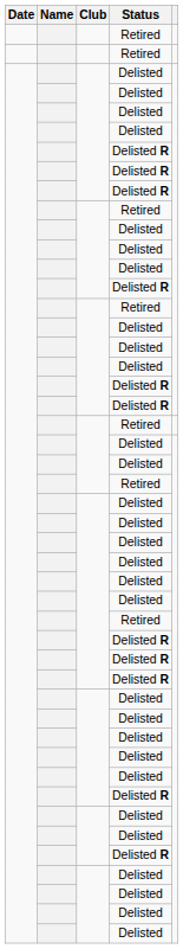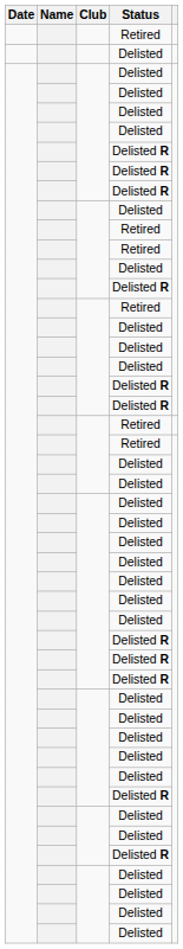 <table class="wikitable sortable plainrowheaders" style="text-align:center;">
 <tr>
 <th scope="col">Date</th>
 <th scope="col">Name</th>
 <th scope="col">Club</th>
 <th scope="col">Status</th>
 <th class="unsortable"></th>
 </tr>
 <tr>
 <td></td>
 <th scope="row"></th>
 <td></td>
 <td>Retired</td>
 <td></td>
 </tr>
 <tr>
 <td></td>
 <th scope="row"></th>
 <td></td>
-<td>Retired</td>
+<td>Delisted</td>
 <td></td>
 </tr>
 <tr>
 <td rowspan=45></td>
 <th scope="row"></th>
 <td rowspan=7></td>
 <td>Delisted</td>
 <td rowspan=18></td>
 </tr>
 <tr>
 <th scope="row"></th>
 <td>Delisted</td>
 </tr>
 <tr>
 <th scope="row"></th>
 <td>Delisted</td>
 </tr>
 <tr>
 <th scope="row"></th>
 <td>Delisted</td>
 </tr>
 <tr>
 <th scope="row"></th>
 <td>Delisted <span><strong>R</strong></span></td>
 </tr>
 <tr>
 <th scope="row"></th>
 <td>Delisted <span><strong>R</strong></span></td>
 </tr>
 <tr>
 <th scope="row"></th>
 <td>Delisted <span><strong>R</strong></span></td>
 </tr>
 <tr>
 <th scope="row"></th>
 <td rowspan=5></td>
+<td>Delisted</td>
+</tr>
+<tr>
+<th scope="row"></th>
 <td>Retired</td>
 </tr>
 <tr>
 <th scope="row"></th>
-<td>Delisted</td>
-</tr>
-<tr>
-<th scope="row"></th>
-<td>Delisted</td>
+<td>Retired</td>
 </tr>
 <tr>
 <th scope="row"></th>
 <td>Delisted</td>
 </tr>
 <tr>
 <th scope="row"></th>
 <td>Delisted <span><strong>R</strong></span></td>
 </tr>
 <tr>
 <th scope="row"></th>
 <td rowspan=6></td>
 <td>Retired</td>
 </tr>
 <tr>
 <th scope="row"></th>
 <td>Delisted</td>
 </tr>
 <tr>
 <th scope="row"></th>
 <td>Delisted</td>
 </tr>
 <tr>
 <th scope="row"></th>
 <td>Delisted</td>
 </tr>
 <tr>
 <th scope="row"></th>
 <td>Delisted <span><strong>R</strong></span></td>
 </tr>
 <tr>
 <th scope="row"></th>
 <td>Delisted <span><strong>R</strong></span></td>
 </tr>
 <tr>
 <th scope="row"></th>
 <td rowspan=4></td>
 <td>Retired</td>
 <td></td>
 </tr>
 <tr>
 <th scope="row"></th>
-<td>Delisted</td>
+<td>Retired</td>
 <td rowspan=26></td>
 </tr>
 <tr>
 <th scope="row"></th>
 <td>Delisted</td>
 </tr>
 <tr>
 <th scope="row"></th>
-<td>Retired</td>
+<td>Delisted</td>
 </tr>
 <tr>
 <th scope="row"></th>
 <td rowspan=10></td>
 <td>Delisted</td>
 </tr>
 <tr>
 <th scope="row"></th>
 <td>Delisted</td>
 </tr>
 <tr>
 <th scope="row"></th>
 <td>Delisted</td>
 </tr>
 <tr>
 <th scope="row"></th>
 <td>Delisted</td>
 </tr>
 <tr>
 <th scope="row"></th>
 <td>Delisted</td>
 </tr>
 <tr>
 <th scope="row"></th>
 <td>Delisted</td>
 </tr>
 <tr>
 <th scope="row"></th>
-<td>Retired</td>
+<td>Delisted</td>
 </tr>
 <tr>
 <th scope="row"></th>
 <td>Delisted <span><strong>R</strong></span></td>
 </tr>
 <tr>
 <th scope="row"></th>
 <td>Delisted <span><strong>R</strong></span></td>
 </tr>
 <tr>
 <th scope="row"></th>
 <td>Delisted <span><strong>R</strong></span></td>
 </tr>
 <tr>
 <th scope="row"></th>
 <td rowspan=6></td>
 <td>Delisted</td>
 </tr>
 <tr>
 <th scope="row"></th>
 <td>Delisted</td>
 </tr>
 <tr>
 <th scope="row"></th>
 <td>Delisted</td>
 </tr>
 <tr>
 <th scope="row"></th>
 <td>Delisted</td>
 </tr>
 <tr>
 <th scope="row"></th>
 <td>Delisted</td>
 </tr>
 <tr>
 <th scope="row"></th>
 <td>Delisted <span><strong>R</strong></span></td>
 </tr>
 <tr>
 <th scope="row"></th>
 <td rowspan=3></td>
 <td>Delisted</td>
 </tr>
 <tr>
 <th scope="row"></th>
 <td>Delisted</td>
 </tr>
 <tr>
 <th scope="row"></th>
 <td>Delisted <span><strong>R</strong></span></td>
 </tr>
 <tr>
 <th scope="row"></th>
 <td rowspan=4></td>
 <td>Delisted</td>
 </tr>
 <tr>
 <th scope="row"></th>
 <td>Delisted</td>
 </tr>
 <tr>
 <th scope="row"></th>
 <td>Delisted</td>
 </tr>
 <tr>
 <th scope="row"></th>
 <td>Delisted</td>
 </tr>
 </table>
